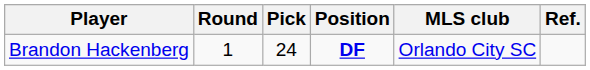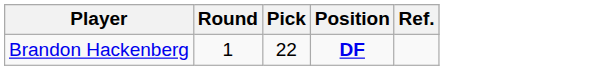 <table class="wikitable" style="text-align:center;">
 <tr style="background:#C0C0C0;">
 <th>Player</th>
 <th>Round</th>
 <th>Pick</th>
 <th>Position</th>
-<th>MLS club</th>
 <th>Ref.</th>
 </tr>
 <tr>
 <td><a href='#'>Brandon Hackenberg</a></td>
 <td>1</td>
-<td>24</td>
+<td>22</td>
 <td><strong><a href='#'>DF</a></strong></td>
-<td><a href='#'>Orlando City SC</a></td>
 <td></td>
 </tr>
 </table>
